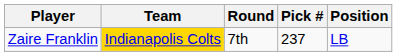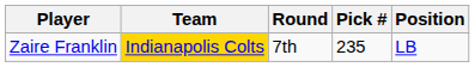 <table class="wikitable">
 <tr>
 <th>Player</th>
 <th>Team</th>
 <th>Round</th>
 <th>Pick #</th>
 <th>Position</th>
 </tr>
 <tr>
 <td><a href='#'>Zaire Franklin</a></td>
 <td style="background: gold;"><a href='#'>Indianapolis Colts</a></td>
 <td>7th</td>
-<td>237</td>
+<td>235</td>
 <td><a href='#'>LB</a></td>
 </tr>
 </table>
